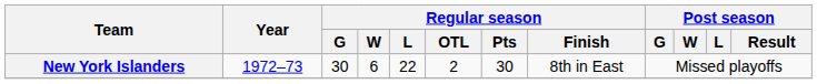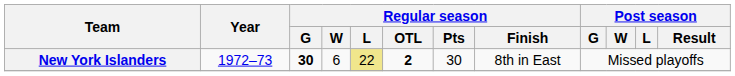 <table class="wikitable" style="font-size: 95%; text-align:center; width: 52em;">
 <tr>
 <th rowspan="2">Team</th>
 <th rowspan="2">Year</th>
 <th colspan="6"><a href='#'>Regular season</a></th>
 <th colspan="4"><a href='#'>Post season</a></th>
 </tr>
 <tr>
 <th>G</th>
 <th>W</th>
 <th>L</th>
 <th>OTL</th>
 <th>Pts</th>
 <th>Finish</th>
 <th>G</th>
 <th>W</th>
 <th>L</th>
 <th>Result</th>
 </tr>
 <tr>
 <th><a href='#'>New York Islanders</a></th>
 <td><a href='#'>1972–73</a></td>
-<td>30</td>
+<td><strong>30</strong></td>
 <td>6</td>
-<td>22</td>
-<td>2</td>
+<td style="background: khaki;">22</td>
+<td><strong>2</strong></td>
 <td>30</td>
 <td>8th in East</td>
 <td colspan=4>Missed playoffs</td>
 </tr>
 <tr>
 </tr>
 </table>
